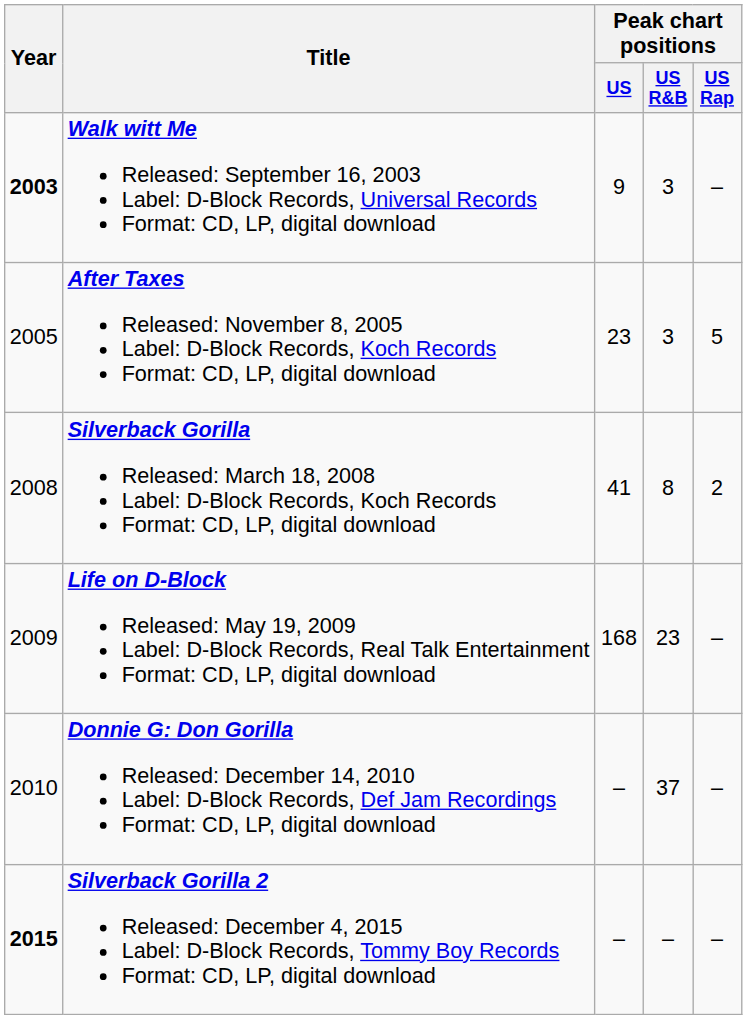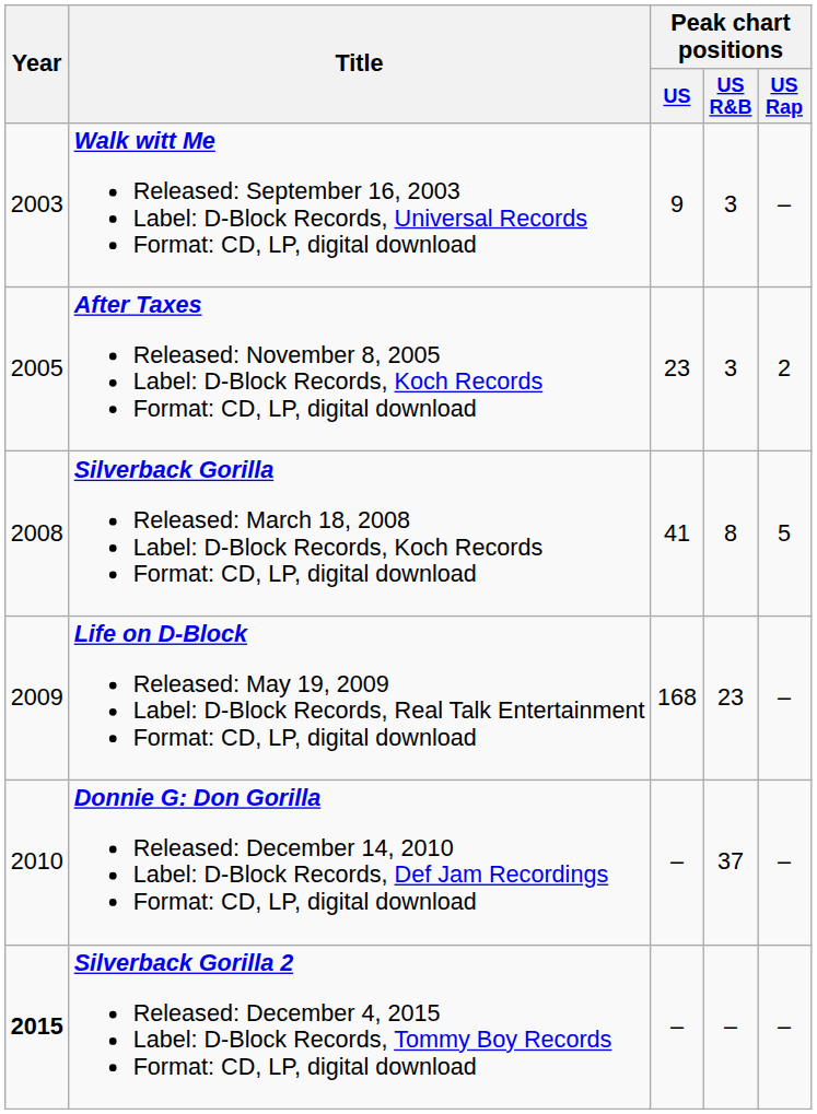 <table class="wikitable" style="text-align:center;">
 <tr>
 <th rowspan="2">Year</th>
 <th rowspan="2">Title</th>
 <th colspan="3">Peak chart positions</th>
 </tr>
 <tr style="font-size:smaller;">
 <th style="width:30px;"><a href='#'>US</a></th>
 <th style="width:30px;"><a href='#'>US R&B</a></th>
 <th style="width:30px;"><a href='#'>US Rap</a></th>
 </tr>
 <tr>
-<td><strong>2003</strong></td>
+<td>2003</td>
 <td style="text-align:left;"><strong><em><a href='#'>Walk witt Me</a></em></strong><br><ul><li>Released: September 16, 2003</li><li>Label: D-Block Records, <a href='#'>Universal Records</a></li><li>Format: CD, LP, digital download</li></ul></td>
 <td>9</td>
 <td>3</td>
 <td>–</td>
 </tr>
 <tr>
 <td>2005</td>
 <td style="text-align:left;"><strong><em><a href='#'>After Taxes</a></em></strong><br><ul><li>Released: November 8, 2005</li><li>Label: D-Block Records, <a href='#'>Koch Records</a></li><li>Format: CD, LP, digital download</li></ul></td>
 <td>23</td>
 <td>3</td>
-<td>5</td>
+<td>2</td>
 </tr>
 <tr>
 <td>2008</td>
 <td style="text-align:left;"><strong><em><a href='#'>Silverback Gorilla</a></em></strong><br><ul><li>Released: March 18, 2008</li><li>Label: D-Block Records, Koch Records</li><li>Format: CD, LP, digital download</li></ul></td>
 <td>41</td>
 <td>8</td>
-<td>2</td>
+<td>5</td>
 </tr>
 <tr>
 <td>2009</td>
 <td style="text-align:left;"><strong><em><a href='#'>Life on D-Block</a></em></strong><br><ul><li>Released: May 19, 2009</li><li>Label: D-Block Records, Real Talk Entertainment</li><li>Format: CD, LP, digital download</li></ul></td>
 <td>168</td>
 <td>23</td>
 <td>–</td>
 </tr>
 <tr>
 <td>2010</td>
 <td style="text-align:left;"><strong><em><a href='#'>Donnie G: Don Gorilla</a></em></strong><br><ul><li>Released: December 14, 2010</li><li>Label: D-Block Records, <a href='#'>Def Jam Recordings</a></li><li>Format: CD, LP, digital download</li></ul></td>
 <td>–</td>
 <td>37</td>
 <td>–</td>
 </tr>
 <tr>
 <td><strong>2015</strong></td>
 <td style="text-align:left;"><strong><em><a href='#'>Silverback Gorilla 2</a></em></strong><br><ul><li>Released: December 4, 2015</li><li>Label: D-Block Records, <a href='#'>Tommy Boy Records</a></li><li>Format: CD, LP, digital download</li></ul></td>
 <td>–</td>
 <td>–</td>
 <td>–</td>
 </tr>
 </table>
